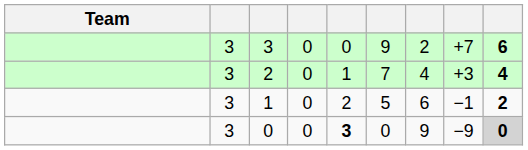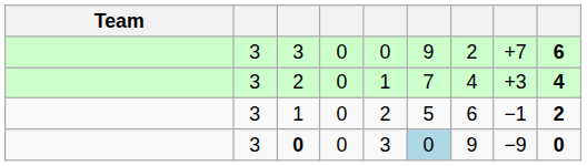 <table class="wikitable" style="text-align: center; font-size:90% ">
 <tr>
 <th width=160>Team</th>
 <th width=25></th>
 <th width=25></th>
 <th width=25></th>
 <th width=25></th>
 <th width=25></th>
 <th width=25></th>
 <th width=25></th>
 <th width=25></th>
 </tr>
 <tr bgcolor=ccffcc>
 <td align=left></td>
 <td>3</td>
 <td>3</td>
 <td>0</td>
 <td>0</td>
 <td>9</td>
 <td>2</td>
 <td>+7</td>
 <td><strong>6</strong></td>
 </tr>
 <tr bgcolor=ccffcc>
 <td align=left></td>
 <td>3</td>
 <td>2</td>
 <td>0</td>
 <td>1</td>
 <td>7</td>
 <td>4</td>
 <td>+3</td>
 <td><strong>4</strong></td>
 </tr>
 <tr>
 <td align=left></td>
 <td>3</td>
 <td>1</td>
 <td>0</td>
 <td>2</td>
 <td>5</td>
 <td>6</td>
 <td>−1</td>
 <td><strong>2</strong></td>
 </tr>
 <tr>
 <td align=left></td>
 <td>3</td>
+<td><strong>0</strong></td>
 <td>0</td>
-<td>0</td>
-<td><strong>3</strong></td>
-<td>0</td>
+<td>3</td>
+<td style="background: lightblue;">0</td>
 <td>9</td>
 <td>−9</td>
-<td style="background: lightgrey;"><strong>0</strong></td>
+<td><strong>0</strong></td>
 </tr>
 </table>
